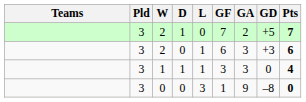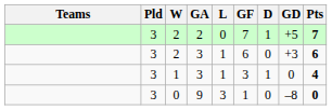 <table class="wikitable" style="text-align: center;">
 <tr>
 <th width=165>Teams</th>
 <th width=20>Pld</th>
 <th width=20>W</th>
-<th width=20>D</th>
+<th width=20>GA</th>
 <th width=20>L</th>
 <th width=20>GF</th>
-<th width=20>GA</th>
+<th width=20>D</th>
 <th width=20>GD</th>
 <th width=20>Pts</th>
 </tr>
 <tr align=center style="background:#ccffcc;">
 <td style="text-align:left;"></td>
 <td>3</td>
 <td>2</td>
-<td>1</td>
+<td>2</td>
 <td>0</td>
 <td>7</td>
-<td>2</td>
+<td>1</td>
 <td>+5</td>
 <td><strong>7</strong></td>
 </tr>
 <tr align=center>
 <td style="text-align:left;"></td>
 <td>3</td>
 <td>2</td>
-<td>0</td>
+<td>3</td>
 <td>1</td>
 <td>6</td>
-<td>3</td>
+<td>0</td>
 <td>+3</td>
 <td><strong>6</strong></td>
 </tr>
 <tr align=center>
 <td style="text-align:left;"></td>
 <td>3</td>
 <td>1</td>
-<td>1</td>
+<td>3</td>
 <td>1</td>
 <td>3</td>
-<td>3</td>
+<td>1</td>
 <td>0</td>
 <td><strong>4</strong></td>
 </tr>
 <tr align=center>
 <td style="text-align:left;"></td>
 <td>3</td>
 <td>0</td>
-<td>0</td>
+<td>9</td>
 <td>3</td>
 <td>1</td>
-<td>9</td>
+<td>0</td>
 <td>–8</td>
 <td><strong>0</strong></td>
 </tr>
 </table>
